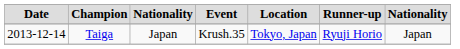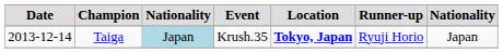 <table class="wikitable" style="text-align:center">
 <tr>
 </tr>
 <tr bgcolor="#dddddd">
 <td><strong>Date</strong></td>
 <td><strong>Champion</strong></td>
 <td><strong>Nationality</strong></td>
 <td><strong>Event</strong></td>
 <td><strong>Location</strong></td>
 <td><strong>Runner-up</strong></td>
 <td><strong>Nationality</strong></td>
 </tr>
 <tr>
 </tr>
 <tr>
 <td>2013-12-14</td>
 <td><a href='#'>Taiga</a></td>
-<td> Japan</td>
+<td style="background: lightblue;"> Japan</td>
 <td>Krush.35</td>
-<td><a href='#'>Tokyo, Japan</a></td>
+<td><strong><a href='#'>Tokyo, Japan</a></strong></td>
 <td><a href='#'>Ryuji Horio</a></td>
 <td> Japan</td>
 </tr>
 <tr>
 </tr>
 </table>
